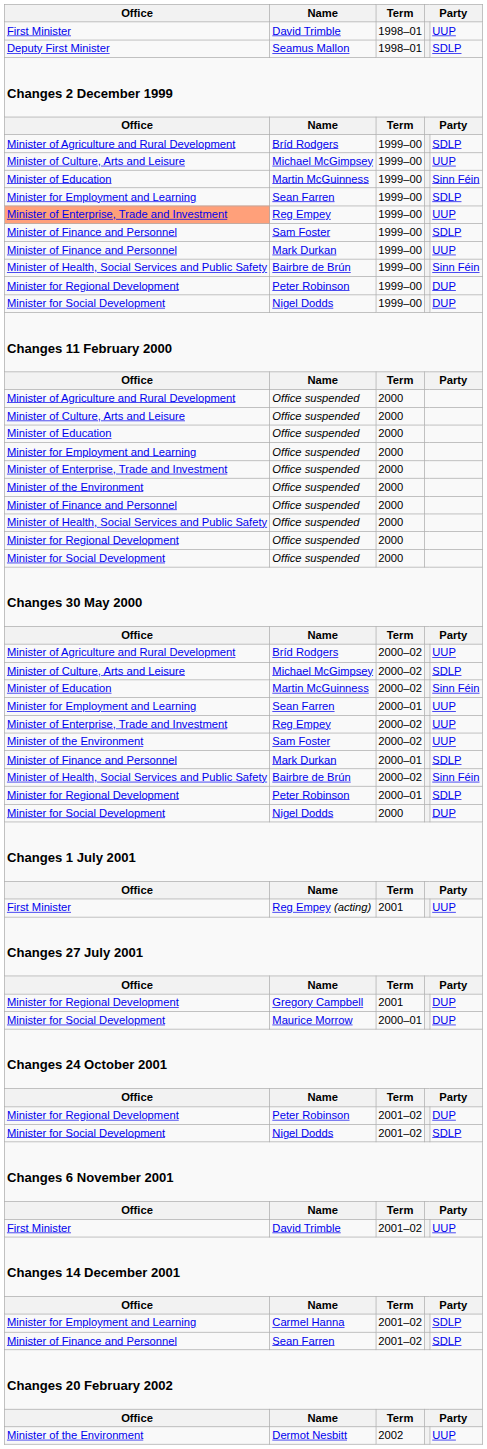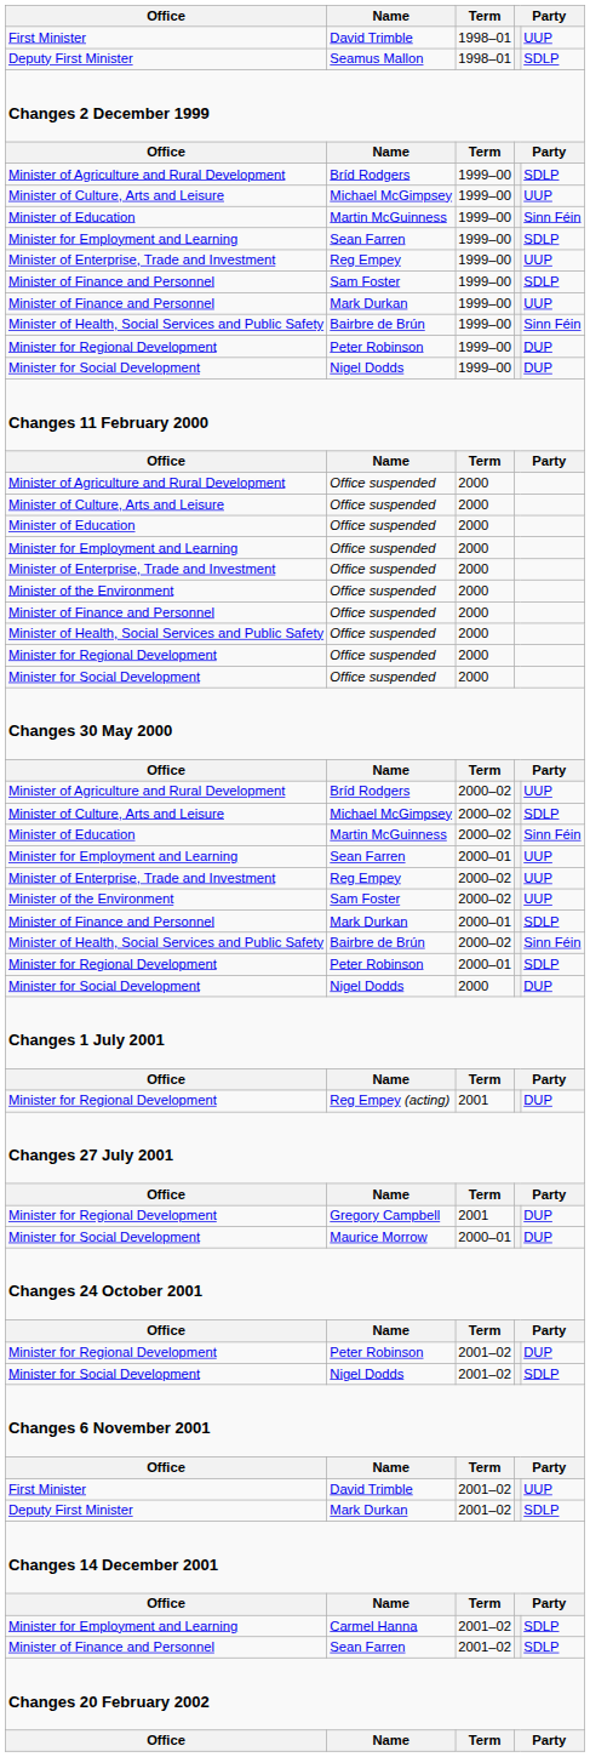 <table class="wikitable">
 <tr>
 <th>Office</th>
 <th>Name</th>
 <th>Term</th>
 <th colspan="2">Party</th>
 </tr>
 <tr>
 <td><a href='#'>First Minister</a></td>
 <td><a href='#'>David Trimble</a></td>
 <td>1998–01</td>
 <th style="background-color: "></th>
 <td><a href='#'>UUP</a></td>
 </tr>
 <tr>
 <td><a href='#'>Deputy First Minister</a></td>
 <td><a href='#'>Seamus Mallon</a></td>
 <td>1998–01</td>
 <th style="background-color: "></th>
 <td><a href='#'>SDLP</a></td>
 </tr>
 <tr>
 <td colspan="5"><br><h3>Changes 2 December 1999</h3></td>
 </tr>
 <tr>
 <th>Office</th>
 <th>Name</th>
 <th>Term</th>
 <th colspan="2">Party</th>
 </tr>
 <tr>
 <td><a href='#'>Minister of Agriculture and Rural Development</a></td>
 <td><a href='#'>Bríd Rodgers</a></td>
 <td>1999–00</td>
 <th style="background-color: "></th>
 <td><a href='#'>SDLP</a></td>
 </tr>
 <tr>
 <td><a href='#'>Minister of Culture, Arts and Leisure</a></td>
 <td><a href='#'>Michael McGimpsey</a></td>
 <td>1999–00</td>
 <th style="background-color: "></th>
 <td><a href='#'>UUP</a></td>
 </tr>
 <tr>
 <td><a href='#'>Minister of Education</a></td>
 <td><a href='#'>Martin McGuinness</a></td>
 <td>1999–00</td>
 <th style="background-color: "></th>
 <td><a href='#'>Sinn Féin</a></td>
 </tr>
 <tr>
 <td><a href='#'>Minister for Employment and Learning</a></td>
 <td><a href='#'>Sean Farren</a></td>
 <td>1999–00</td>
 <th style="background-color: "></th>
 <td><a href='#'>SDLP</a></td>
 </tr>
 <tr>
-<td style="background: lightsalmon;"><a href='#'>Minister of Enterprise, Trade and Investment</a></td>
+<td><a href='#'>Minister of Enterprise, Trade and Investment</a></td>
 <td><a href='#'>Reg Empey</a></td>
 <td>1999–00</td>
 <th style="background-color: "></th>
 <td><a href='#'>UUP</a></td>
 </tr>
 <tr>
 <td><a href='#'>Minister of Finance and Personnel</a></td>
 <td><a href='#'>Sam Foster</a></td>
 <td>1999–00</td>
 <th style="background-color: "></th>
 <td><a href='#'>SDLP</a></td>
 </tr>
 <tr>
 <td><a href='#'>Minister of Finance and Personnel</a></td>
 <td><a href='#'>Mark Durkan</a></td>
 <td>1999–00</td>
 <th style="background-color: "></th>
 <td><a href='#'>UUP</a></td>
 </tr>
 <tr>
 <td><a href='#'>Minister of Health, Social Services and Public Safety</a></td>
 <td><a href='#'>Bairbre de Brún</a></td>
 <td>1999–00</td>
 <th style="background-color: "></th>
 <td><a href='#'>Sinn Féin</a></td>
 </tr>
 <tr>
 <td><a href='#'>Minister for Regional Development</a></td>
 <td><a href='#'>Peter Robinson</a></td>
 <td>1999–00</td>
 <th style="background-color: "></th>
 <td><a href='#'>DUP</a></td>
 </tr>
 <tr>
 <td><a href='#'>Minister for Social Development</a></td>
 <td><a href='#'>Nigel Dodds</a></td>
 <td>1999–00</td>
 <th style="background-color: "></th>
 <td><a href='#'>DUP</a></td>
 </tr>
 <tr>
 <td colspan="5"><br><h3>Changes 11 February 2000</h3></td>
 </tr>
 <tr>
 <th>Office</th>
 <th>Name</th>
 <th>Term</th>
 <th colspan="2">Party</th>
 </tr>
 <tr>
 <td><a href='#'>Minister of Agriculture and Rural Development</a></td>
 <td><em>Office suspended</em> </td>
 <td>2000</td>
 <td colspan=2></td>
 </tr>
 <tr>
 <td><a href='#'>Minister of Culture, Arts and Leisure</a></td>
 <td><em>Office suspended</em> </td>
 <td>2000</td>
 <td colspan=2></td>
 </tr>
 <tr>
 <td><a href='#'>Minister of Education</a></td>
 <td><em>Office suspended</em> </td>
 <td>2000</td>
 <td colspan=2></td>
 </tr>
 <tr>
 <td><a href='#'>Minister for Employment and Learning</a></td>
 <td><em>Office suspended</em> </td>
 <td>2000</td>
 <td colspan=2></td>
 </tr>
 <tr>
 <td><a href='#'>Minister of Enterprise, Trade and Investment</a></td>
 <td><em>Office suspended</em> </td>
 <td>2000</td>
 <td colspan=2></td>
 </tr>
 <tr>
 <td><a href='#'>Minister of the Environment</a></td>
 <td><em>Office suspended</em> </td>
 <td>2000</td>
 <td colspan=2></td>
 </tr>
 <tr>
 <td><a href='#'>Minister of Finance and Personnel</a></td>
 <td><em>Office suspended</em> </td>
 <td>2000</td>
 <td colspan=2></td>
 </tr>
 <tr>
 <td><a href='#'>Minister of Health, Social Services and Public Safety</a></td>
 <td><em>Office suspended</em> </td>
 <td>2000</td>
 <td colspan=2></td>
 </tr>
 <tr>
 <td><a href='#'>Minister for Regional Development</a></td>
 <td><em>Office suspended</em> </td>
 <td>2000</td>
 <td colspan=2></td>
 </tr>
 <tr>
 <td><a href='#'>Minister for Social Development</a></td>
 <td><em>Office suspended</em> </td>
 <td>2000</td>
 <td colspan=2></td>
 </tr>
 <tr>
 <td colspan="5"><br><h3>Changes 30 May 2000</h3></td>
 </tr>
 <tr>
 <th>Office</th>
 <th>Name</th>
 <th>Term</th>
 <th colspan="2">Party</th>
 </tr>
 <tr>
 <td><a href='#'>Minister of Agriculture and Rural Development</a></td>
 <td><a href='#'>Bríd Rodgers</a></td>
 <td>2000–02</td>
 <th style="background-color: "></th>
 <td><a href='#'>UUP</a></td>
 </tr>
 <tr>
 <td><a href='#'>Minister of Culture, Arts and Leisure</a></td>
 <td><a href='#'>Michael McGimpsey</a></td>
 <td>2000–02</td>
 <th style="background-color: "></th>
 <td><a href='#'>SDLP</a></td>
 </tr>
 <tr>
 <td><a href='#'>Minister of Education</a></td>
 <td><a href='#'>Martin McGuinness</a></td>
 <td>2000–02</td>
 <th style="background-color: "></th>
 <td><a href='#'>Sinn Féin</a></td>
 </tr>
 <tr>
 <td><a href='#'>Minister for Employment and Learning</a></td>
 <td><a href='#'>Sean Farren</a></td>
 <td>2000–01</td>
 <th style="background-color: "></th>
 <td><a href='#'>UUP</a></td>
 </tr>
 <tr>
 <td><a href='#'>Minister of Enterprise, Trade and Investment</a></td>
 <td><a href='#'>Reg Empey</a></td>
 <td>2000–02</td>
 <th style="background-color: "></th>
 <td><a href='#'>UUP</a></td>
 </tr>
 <tr>
 <td><a href='#'>Minister of the Environment</a></td>
 <td><a href='#'>Sam Foster</a></td>
 <td>2000–02</td>
 <th style="background-color: "></th>
 <td><a href='#'>UUP</a></td>
 </tr>
 <tr>
 <td><a href='#'>Minister of Finance and Personnel</a></td>
 <td><a href='#'>Mark Durkan</a></td>
 <td>2000–01</td>
 <th style="background-color: "></th>
 <td><a href='#'>SDLP</a></td>
 </tr>
 <tr>
 <td><a href='#'>Minister of Health, Social Services and Public Safety</a></td>
 <td><a href='#'>Bairbre de Brún</a></td>
 <td>2000–02</td>
 <th style="background-color: "></th>
 <td><a href='#'>Sinn Féin</a></td>
 </tr>
 <tr>
 <td><a href='#'>Minister for Regional Development</a></td>
 <td><a href='#'>Peter Robinson</a></td>
 <td>2000–01</td>
 <th style="background-color: "></th>
 <td><a href='#'>SDLP</a></td>
 </tr>
 <tr>
 <td><a href='#'>Minister for Social Development</a></td>
 <td><a href='#'>Nigel Dodds</a></td>
 <td>2000</td>
 <th style="background-color: "></th>
 <td><a href='#'>DUP</a></td>
 </tr>
 <tr>
 <td colspan="5"><br><h3>Changes 1 July 2001</h3></td>
 </tr>
 <tr>
 <th>Office</th>
 <th>Name</th>
 <th>Term</th>
 <th colspan="2">Party</th>
 </tr>
 <tr>
-<td><a href='#'>First Minister</a></td>
+<td><a href='#'>Minister for Regional Development</a></td>
 <td><a href='#'>Reg Empey</a> <em>(acting)</em> </td>
 <td>2001</td>
 <th style="background-color: "></th>
-<td><a href='#'>UUP</a></td>
+<td><a href='#'>DUP</a></td>
 </tr>
 <tr>
 <td colspan="5"><br><h3>Changes 27 July 2001</h3></td>
 </tr>
 <tr>
 <th>Office</th>
 <th>Name</th>
 <th>Term</th>
 <th colspan="2">Party</th>
 </tr>
 <tr>
 <td><a href='#'>Minister for Regional Development</a></td>
 <td><a href='#'>Gregory Campbell</a></td>
 <td>2001</td>
 <th style="background-color: "></th>
 <td><a href='#'>DUP</a></td>
 </tr>
 <tr>
 <td><a href='#'>Minister for Social Development</a></td>
 <td><a href='#'>Maurice Morrow</a></td>
 <td>2000–01</td>
 <th style="background-color: "></th>
 <td><a href='#'>DUP</a></td>
 </tr>
 <tr>
 <td colspan="5"><br><h3>Changes 24 October 2001</h3></td>
 </tr>
 <tr>
 <th>Office</th>
 <th>Name</th>
 <th>Term</th>
 <th colspan="2">Party</th>
 </tr>
 <tr>
 <td><a href='#'>Minister for Regional Development</a></td>
 <td><a href='#'>Peter Robinson</a></td>
 <td>2001–02</td>
 <th style="background-color: "></th>
 <td><a href='#'>DUP</a></td>
 </tr>
 <tr>
 <td><a href='#'>Minister for Social Development</a></td>
 <td><a href='#'>Nigel Dodds</a></td>
 <td>2001–02</td>
 <th style="background-color: "></th>
 <td><a href='#'>SDLP</a></td>
 </tr>
 <tr>
 <td colspan="5"><br><h3>Changes 6 November 2001</h3></td>
 </tr>
 <tr>
 <th>Office</th>
 <th>Name</th>
 <th>Term</th>
 <th colspan="2">Party</th>
 </tr>
 <tr>
 <td><a href='#'>First Minister</a></td>
 <td><a href='#'>David Trimble</a></td>
 <td>2001–02</td>
 <th style="background-color: "></th>
 <td><a href='#'>UUP</a></td>
 </tr>
 <tr>
+<td><a href='#'>Deputy First Minister</a></td>
+<td><a href='#'>Mark Durkan</a></td>
+<td>2001–02</td>
+<th style="background-color: "></th>
+<td><a href='#'>SDLP</a></td>
+</tr>
+<tr>
 <td colspan="5"><br><h3>Changes 14 December 2001</h3></td>
 </tr>
 <tr>
 <th>Office</th>
 <th>Name</th>
 <th>Term</th>
 <th colspan="2">Party</th>
 </tr>
 <tr>
 <td><a href='#'>Minister for Employment and Learning</a></td>
 <td><a href='#'>Carmel Hanna</a></td>
 <td>2001–02</td>
 <th style="background-color: "></th>
 <td><a href='#'>SDLP</a></td>
 </tr>
 <tr>
 <td><a href='#'>Minister of Finance and Personnel</a></td>
 <td><a href='#'>Sean Farren</a></td>
 <td>2001–02</td>
 <th style="background-color: "></th>
 <td><a href='#'>SDLP</a></td>
 </tr>
 <tr>
 <td colspan="5"><br><h3>Changes 20 February 2002</h3></td>
 </tr>
 <tr>
 <th>Office</th>
 <th>Name</th>
 <th>Term</th>
 <th colspan="2">Party</th>
 </tr>
-<tr>
-<td><a href='#'>Minister of the Environment</a></td>
-<td><a href='#'>Dermot Nesbitt</a></td>
-<td>2002</td>
-<th style="background-color: "></th>
-<td><a href='#'>UUP</a></td>
-</tr>
 </table>
